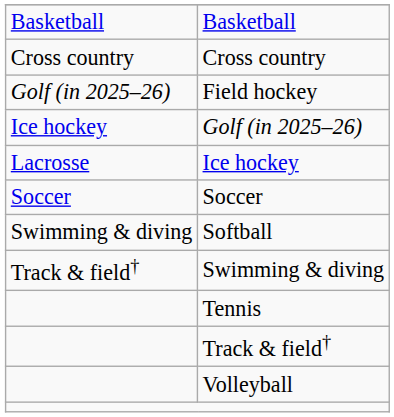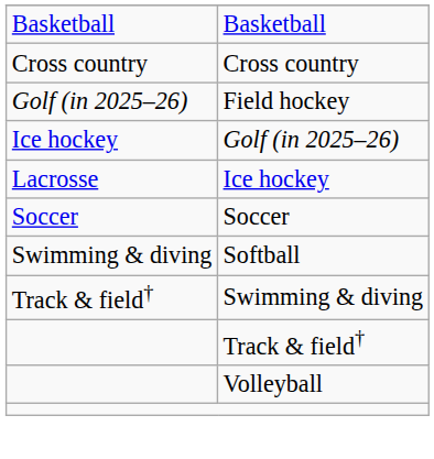 <table class="wikitable" style="float:right; clear:right; margin:0 0 1em 1em;">
 <tr>
 </tr>
 <tr>
 <td><a href='#'>Basketball</a></td>
 <td><a href='#'>Basketball</a></td>
 </tr>
 <tr>
 <td>Cross country</td>
 <td>Cross country</td>
 </tr>
 <tr>
 <td><em>Golf (in 2025–26)</em></td>
 <td>Field hockey</td>
 </tr>
 <tr>
 <td><a href='#'>Ice hockey</a></td>
 <td><em>Golf (in 2025–26)</em></td>
 </tr>
 <tr>
 <td><a href='#'>Lacrosse</a></td>
 <td><a href='#'>Ice hockey</a></td>
 </tr>
 <tr>
 <td><a href='#'>Soccer</a></td>
 <td>Soccer</td>
 </tr>
 <tr>
 <td>Swimming & diving</td>
 <td>Softball</td>
 </tr>
 <tr>
 <td>Track & field<sup>†</sup></td>
 <td>Swimming & diving</td>
 </tr>
 <tr>
 <td></td>
-<td>Tennis</td>
-</tr>
-<tr>
-<td></td>
 <td>Track & field<sup>†</sup></td>
 </tr>
 <tr>
 <td></td>
 <td>Volleyball</td>
 </tr>
 <tr>
 <td colspan="2"></td>
 </tr>
 </table>
